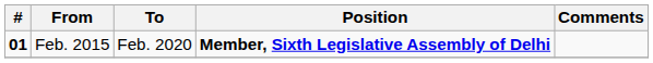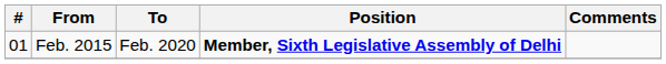 <table class="wikitable sortable">
 <tr>
 <th>#</th>
 <th>From</th>
 <th>To</th>
 <th>Position</th>
 <th>Comments</th>
 </tr>
 <tr>
-<td><strong>01</strong></td>
+<td>01</td>
 <td>Feb. 2015</td>
 <td>Feb. 2020</td>
 <td><strong>Member, <a href='#'>Sixth Legislative Assembly of Delhi</a></strong></td>
 <td></td>
 </tr>
 <tr>
 </tr>
 </table>
